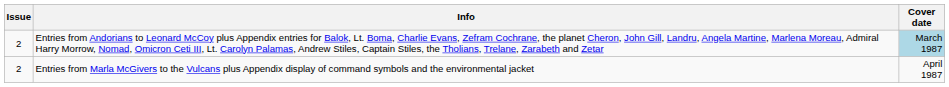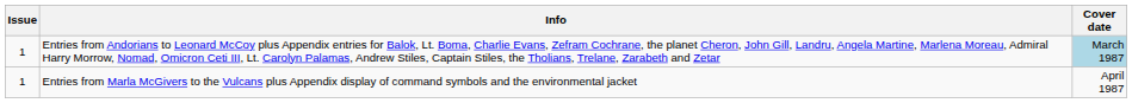 <table class="wikitable">
 <tr>
 <th>Issue</th>
 <th>Info</th>
 <th>Cover date</th>
 </tr>
 <tr style="text-align:center;">
-<td>2</td>
+<td>1</td>
 <td align="left">Entries from <a href='#'>Andorians</a> to <a href='#'>Leonard McCoy</a> plus Appendix entries for <a href='#'>Balok</a>, Lt. <a href='#'>Boma</a>, <a href='#'>Charlie Evans</a>, <a href='#'>Zefram Cochrane</a>, the planet <a href='#'>Cheron</a>, <a href='#'>John Gill</a>, <a href='#'>Landru</a>, <a href='#'>Angela Martine</a>, <a href='#'>Marlena Moreau</a>, Admiral Harry Morrow, <a href='#'>Nomad</a>, <a href='#'>Omicron Ceti III</a>, Lt. <a href='#'>Carolyn Palamas</a>, Andrew Stiles, Captain Stiles, the <a href='#'>Tholians</a>, <a href='#'>Trelane</a>, <a href='#'>Zarabeth</a> and <a href='#'>Zetar</a></td>
 <td align="right" style="background: lightblue;">March 1987</td>
 </tr>
 <tr style="text-align:center;">
-<td>2</td>
+<td>1</td>
 <td align="left">Entries from <a href='#'>Marla McGivers</a> to the <a href='#'>Vulcans</a> plus Appendix display of command symbols and the environmental jacket</td>
 <td align="right">April 1987</td>
 </tr>
 </table>
